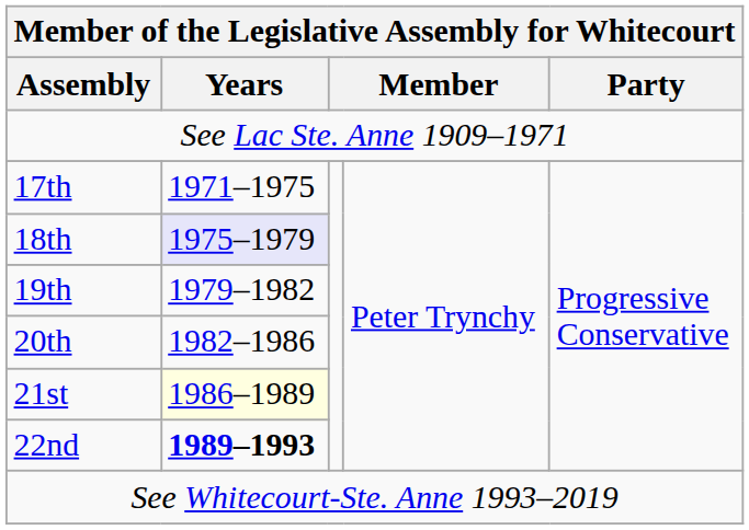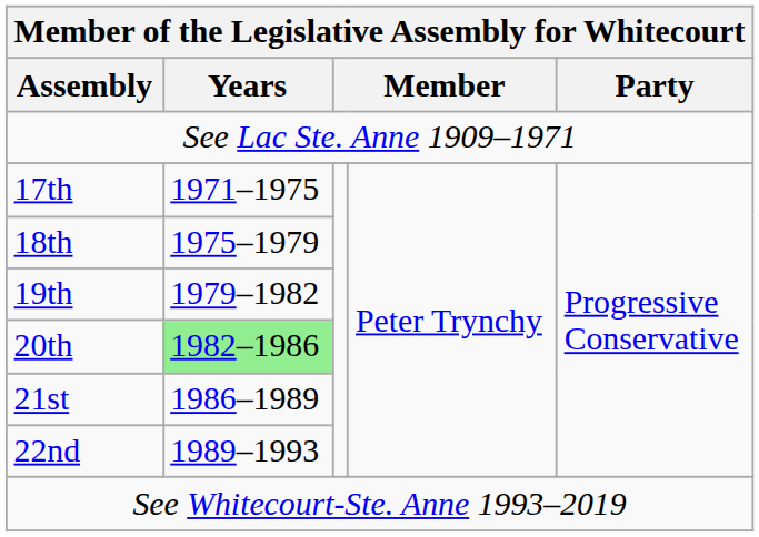 <table class="wikitable" align=right>
 <tr>
 <th colspan=5>Member of the Legislative Assembly for Whitecourt</th>
 </tr>
 <tr>
 <th>Assembly</th>
 <th>Years</th>
 <th colspan="2">Member</th>
 <th>Party</th>
 </tr>
 <tr>
 <td align="center" colspan=5><em>See <a href='#'>Lac Ste. Anne</a> 1909–1971</em></td>
 </tr>
 <tr>
 <td><a href='#'>17th</a></td>
 <td><a href='#'>1971</a>–1975</td>
 <td rowspan=6 ></td>
 <td rowspan=6><a href='#'>Peter Trynchy</a></td>
 <td rowspan=6><a href='#'>Progressive<br>Conservative</a></td>
 </tr>
 <tr>
 <td><a href='#'>18th</a></td>
-<td style="background: lavender;"><a href='#'>1975</a>–1979</td>
+<td><a href='#'>1975</a>–1979</td>
 </tr>
 <tr>
 <td><a href='#'>19th</a></td>
 <td><a href='#'>1979</a>–1982</td>
 </tr>
 <tr>
 <td><a href='#'>20th</a></td>
-<td><a href='#'>1982</a>–1986</td>
+<td style="background: lightgreen;"><a href='#'>1982</a>–1986</td>
 </tr>
 <tr>
 <td><a href='#'>21st</a></td>
-<td style="background: lightyellow;"><a href='#'>1986</a>–1989</td>
+<td><a href='#'>1986</a>–1989</td>
 </tr>
 <tr>
 <td><a href='#'>22nd</a></td>
-<td><strong><a href='#'>1989</a>–1993</strong></td>
+<td><a href='#'>1989</a>–1993</td>
 </tr>
 <tr>
 <td align="center" colspan=5><em>See <a href='#'>Whitecourt-Ste. Anne</a> 1993–2019</em></td>
 </tr>
 </table>
